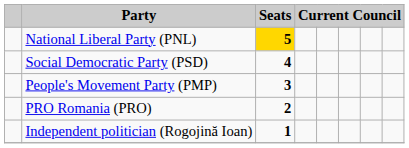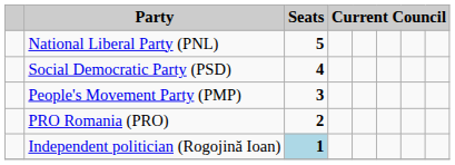 <table class="wikitable">
 <tr>
 <th style="background:#ccc">   </th>
 <th style="background:#ccc">Party</th>
 <th style="background:#ccc">Seats</th>
 <th style="background:#ccc" colspan="5">Current Council</th>
 </tr>
 <tr>
 <td>  </td>
 <td><a href='#'>National Liberal Party</a> (PNL)</td>
-<td style="background: gold; text-align: right"><strong>5</strong></td>
+<td style="text-align: right"><strong>5</strong></td>
 <td>  </td>
 <td>  </td>
 <td>  </td>
 <td>  </td>
 <td>  </td>
 </tr>
 <tr>
 <td>  </td>
 <td><a href='#'>Social Democratic Party</a> (PSD)</td>
 <td style="text-align: right"><strong>4</strong></td>
 <td>  </td>
 <td>  </td>
 <td>  </td>
 <td>  </td>
 <td> </td>
 </tr>
 <tr>
 <td>  </td>
 <td><a href='#'>People's Movement Party</a> (PMP)</td>
 <td style="text-align: right"><strong>3</strong></td>
 <td>  </td>
 <td>  </td>
 <td>  </td>
 <td> </td>
 <td> </td>
 </tr>
 <tr>
 <td>  </td>
 <td><a href='#'>PRO Romania</a> (PRO)</td>
 <td style="text-align: right"><strong>2</strong></td>
 <td>  </td>
 <td>  </td>
 <td> </td>
 <td> </td>
 <td> </td>
 </tr>
 <tr>
 <td>  </td>
 <td><a href='#'>Independent politician</a> (Rogojină Ioan)</td>
-<td style="text-align: right"><strong>1</strong></td>
+<td style="background: lightblue; text-align: right"><strong>1</strong></td>
 <td>  </td>
 <td> </td>
 <td> </td>
 <td> </td>
 <td> </td>
 </tr>
 <tr>
 </tr>
 </table>
